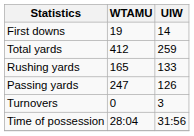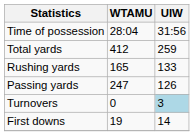 <table class="wikitable">
 <tr>
 <th>Statistics</th>
 <th>WTAMU</th>
 <th>UIW</th>
 </tr>
 <tr>
-<td>First downs</td>
-<td>19</td>
-<td>14</td>
+<td>Time of possession</td>
+<td>28:04</td>
+<td>31:56</td>
 </tr>
 <tr>
 <td>Total yards</td>
 <td>412</td>
 <td>259</td>
 </tr>
 <tr>
 <td>Rushing yards</td>
 <td>165</td>
 <td>133</td>
 </tr>
 <tr>
 <td>Passing yards</td>
 <td>247</td>
 <td>126</td>
 </tr>
 <tr>
 <td>Turnovers</td>
 <td>0</td>
-<td>3</td>
+<td style="background: lightblue;">3</td>
 </tr>
 <tr>
-<td>Time of possession</td>
-<td>28:04</td>
-<td>31:56</td>
+<td>First downs</td>
+<td>19</td>
+<td>14</td>
 </tr>
 <tr>
 </tr>
 </table>
